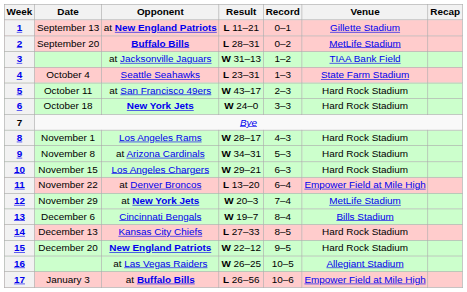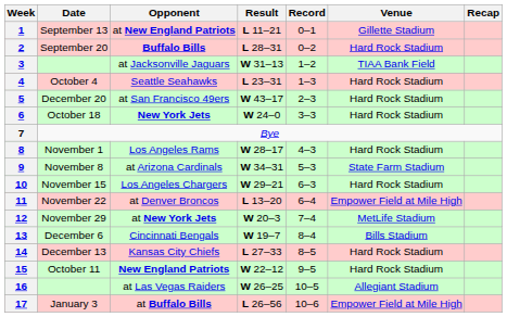 <table class="wikitable" style="text-align:center">
 <tr>
 <th>Week</th>
 <th>Date</th>
 <th>Opponent</th>
 <th>Result</th>
 <th>Record</th>
 <th>Venue</th>
 <th>Recap</th>
 </tr>
 <tr style="background:#fcc">
 <th><a href='#'>1</a></th>
 <td>September 13</td>
 <td>at <strong><a href='#'>New England Patriots</a></strong></td>
 <td><strong>L</strong> 11–21</td>
 <td>0–1</td>
 <td><a href='#'>Gillette Stadium</a></td>
 <td></td>
 </tr>
 <tr style="background:#fcc">
 <th><a href='#'>2</a></th>
 <td>September 20</td>
 <td><strong><a href='#'>Buffalo Bills</a></strong></td>
 <td><strong>L</strong> 28–31</td>
 <td>0–2</td>
-<td><a href='#'>MetLife Stadium</a></td>
+<td><a href='#'>Hard Rock Stadium</a></td>
 <td></td>
 </tr>
 <tr style="background:#cfc">
 <th><a href='#'>3</a></th>
 <td></td>
 <td>at <a href='#'>Jacksonville Jaguars</a></td>
 <td><strong>W</strong> 31–13</td>
 <td>1–2</td>
 <td><a href='#'>TIAA Bank Field</a></td>
 <td></td>
 </tr>
 <tr style="background:#fcc">
 <th><a href='#'>4</a></th>
 <td>October 4</td>
 <td><a href='#'>Seattle Seahawks</a></td>
 <td><strong>L</strong> 23–31</td>
 <td>1–3</td>
-<td><a href='#'>State Farm Stadium</a></td>
+<td>Hard Rock Stadium</td>
 <td></td>
 </tr>
 <tr style="background:#cfc">
 <th><a href='#'>5</a></th>
-<td>October 11</td>
+<td>December 20</td>
 <td>at <a href='#'>San Francisco 49ers</a></td>
 <td><strong>W</strong> 43–17</td>
 <td>2–3</td>
 <td>Hard Rock Stadium</td>
 <td></td>
 </tr>
 <tr style="background:#cfc">
 <th><a href='#'>6</a></th>
 <td>October 18</td>
 <td><strong><a href='#'>New York Jets</a></strong></td>
 <td><strong>W</strong> 24–0</td>
 <td>3–3</td>
 <td>Hard Rock Stadium</td>
 <td></td>
 </tr>
 <tr>
 <th>7</th>
 <td colspan="6"><em><a href='#'>Bye</a></em></td>
 </tr>
 <tr style="background:#cfc">
 <th><a href='#'>8</a></th>
 <td>November 1</td>
 <td><a href='#'>Los Angeles Rams</a></td>
 <td><strong>W</strong> 28–17</td>
 <td>4–3</td>
 <td>Hard Rock Stadium</td>
 <td></td>
 </tr>
 <tr style="background:#cfc">
 <th><a href='#'>9</a></th>
 <td>November 8</td>
 <td>at <a href='#'>Arizona Cardinals</a></td>
 <td><strong>W</strong> 34–31</td>
 <td>5–3</td>
-<td>Hard Rock Stadium</td>
+<td><a href='#'>State Farm Stadium</a></td>
 <td></td>
 </tr>
 <tr style="background:#cfc">
 <th><a href='#'>10</a></th>
 <td>November 15</td>
 <td><a href='#'>Los Angeles Chargers</a></td>
 <td><strong>W</strong> 29–21</td>
 <td>6–3</td>
 <td>Hard Rock Stadium</td>
 <td></td>
 </tr>
 <tr style="background:#fcc">
 <th><a href='#'>11</a></th>
 <td>November 22</td>
 <td>at <a href='#'>Denver Broncos</a></td>
 <td><strong>L</strong> 13–20</td>
 <td>6–4</td>
 <td><a href='#'>Empower Field at Mile High</a></td>
 <td></td>
 </tr>
 <tr style="background:#cfc">
 <th><a href='#'>12</a></th>
 <td>November 29</td>
 <td>at <strong><a href='#'>New York Jets</a></strong></td>
 <td><strong>W</strong> 20–3</td>
 <td>7–4</td>
 <td><a href='#'>MetLife Stadium</a></td>
 <td></td>
 </tr>
 <tr style="background:#cfc">
 <th><a href='#'>13</a></th>
 <td>December 6</td>
 <td><a href='#'>Cincinnati Bengals</a></td>
 <td><strong>W</strong> 19–7</td>
 <td>8–4</td>
 <td><a href='#'>Bills Stadium</a></td>
 <td></td>
 </tr>
 <tr style="background:#fcc">
 <th><a href='#'>14</a></th>
 <td>December 13</td>
 <td><a href='#'>Kansas City Chiefs</a></td>
 <td><strong>L</strong> 27–33</td>
 <td>8–5</td>
 <td>Hard Rock Stadium</td>
 <td></td>
 </tr>
 <tr style="background:#cfc">
 <th><a href='#'>15</a></th>
-<td>December 20</td>
+<td>October 11</td>
 <td><strong><a href='#'>New England Patriots</a></strong></td>
 <td><strong>W</strong> 22–12</td>
 <td>9–5</td>
 <td>Hard Rock Stadium</td>
 <td></td>
 </tr>
 <tr style="background:#cfc">
 <th><a href='#'>16</a></th>
 <td></td>
 <td>at <a href='#'>Las Vegas Raiders</a></td>
 <td><strong>W</strong> 26–25</td>
 <td>10–5</td>
 <td><a href='#'>Allegiant Stadium</a></td>
 <td></td>
 </tr>
 <tr style="background:#fcc">
 <th><a href='#'>17</a></th>
 <td>January 3</td>
 <td>at <strong><a href='#'>Buffalo Bills</a></strong></td>
 <td><strong>L</strong> 26–56</td>
 <td>10–6</td>
 <td><a href='#'>Empower Field at Mile High</a></td>
 <td></td>
 </tr>
 </table>
